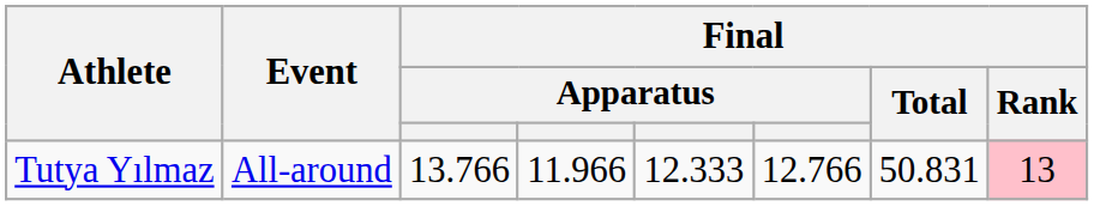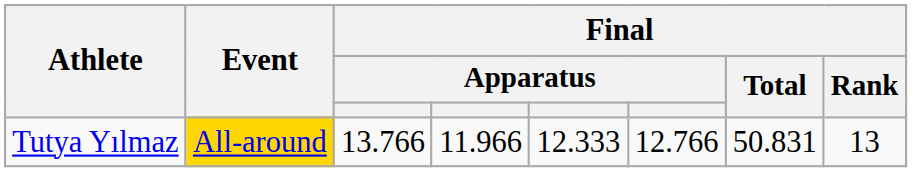 <table class="wikitable" style="font-size:90%">
 <tr>
 <th rowspan=3>Athlete</th>
 <th rowspan=3>Event</th>
 <th colspan =6>Final</th>
 </tr>
 <tr style="font-size:95%">
 <th colspan=4>Apparatus</th>
 <th rowspan=2>Total</th>
 <th rowspan=2>Rank</th>
 </tr>
 <tr style="font-size:95%">
 <th></th>
 <th></th>
 <th></th>
 <th></th>
 </tr>
 <tr align=center>
 <td align=left><a href='#'>Tutya Yılmaz</a></td>
-<td align=left><a href='#'>All-around</a></td>
+<td align=left style="background: gold;"><a href='#'>All-around</a></td>
 <td>13.766</td>
 <td>11.966</td>
 <td>12.333</td>
 <td>12.766</td>
 <td>50.831</td>
-<td style="background: pink;">13</td>
+<td>13</td>
 </tr>
 </table>
